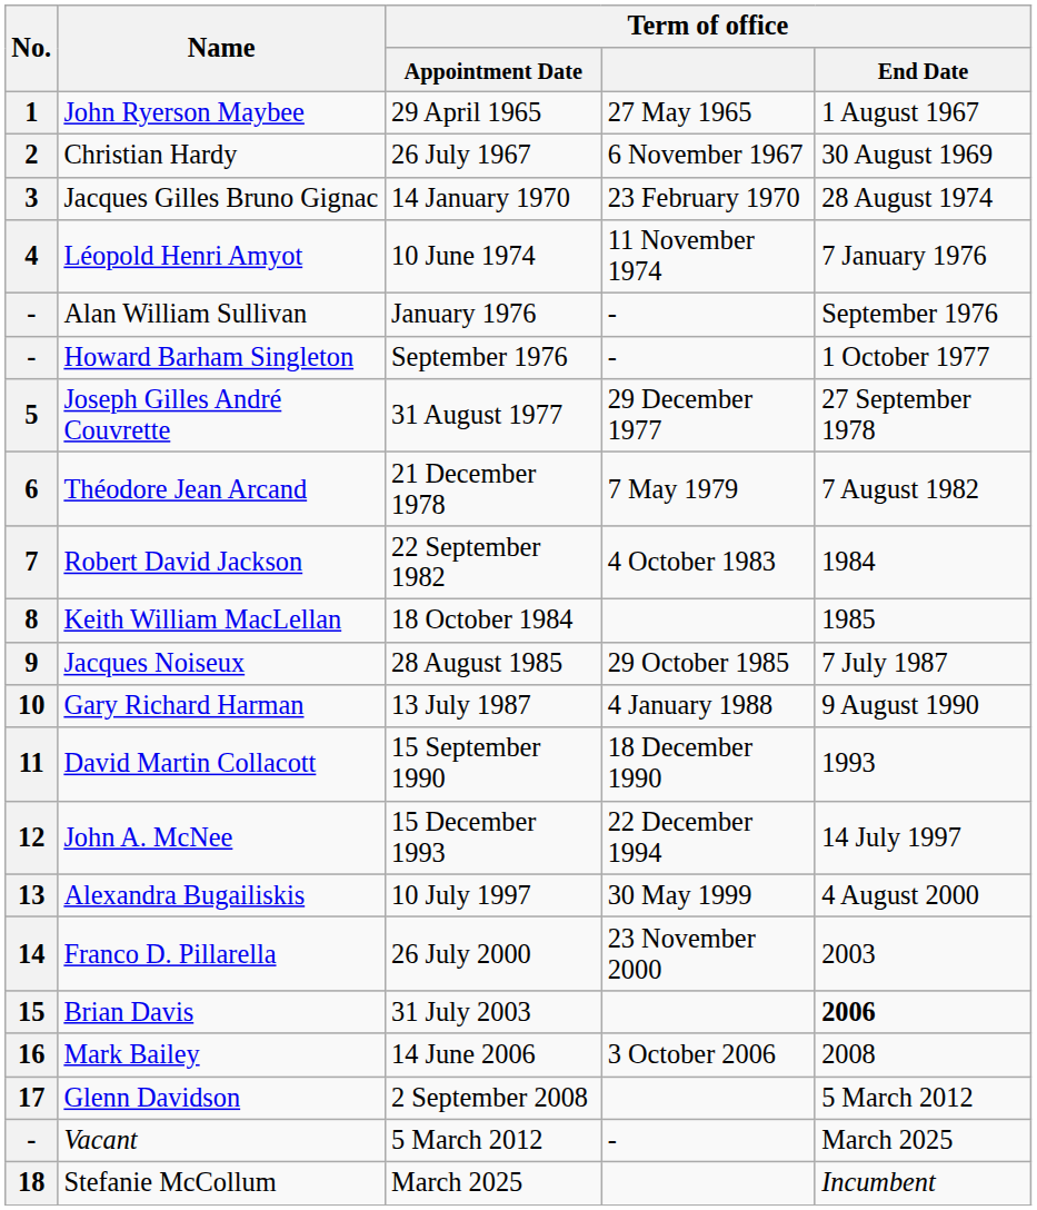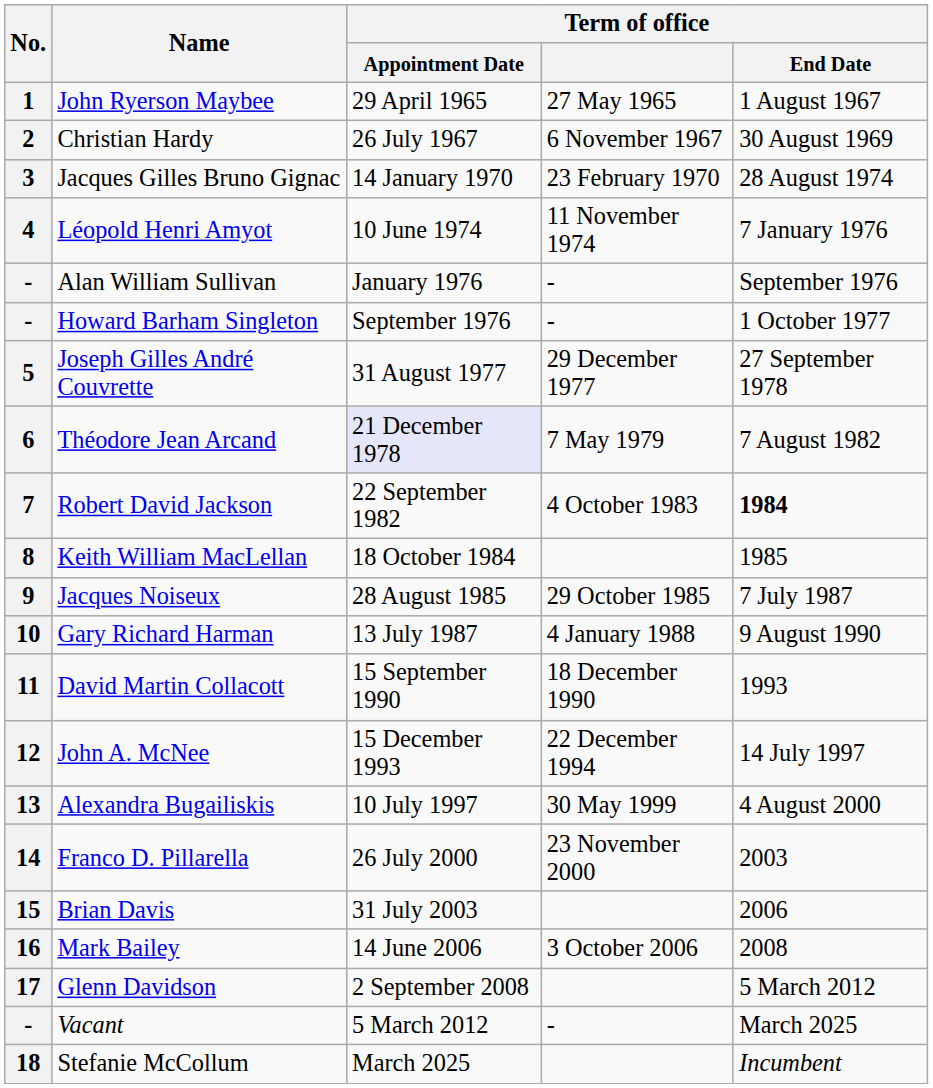 <table class="wikitable">
 <tr>
 <th rowspan="2">No.</th>
 <th rowspan="2">Name</th>
 <th colspan="3">Term of office</th>
 </tr>
 <tr>
 <th><small>Appointment Date</small></th>
 <th><small><a href='#'></a></small></th>
 <th><small>End Date</small></th>
 </tr>
 <tr>
 <th>1</th>
 <td><a href='#'>John Ryerson Maybee</a></td>
 <td>29 April 1965</td>
 <td>27 May 1965</td>
 <td>1 August 1967</td>
 </tr>
 <tr>
 <th>2</th>
 <td>Christian Hardy</td>
 <td>26 July 1967</td>
 <td>6 November 1967</td>
 <td>30 August 1969</td>
 </tr>
 <tr>
 <th>3</th>
 <td>Jacques Gilles Bruno Gignac</td>
 <td>14 January 1970</td>
 <td>23 February 1970</td>
 <td>28 August 1974</td>
 </tr>
 <tr>
 <th>4</th>
 <td><a href='#'>Léopold Henri Amyot</a></td>
 <td>10 June 1974</td>
 <td>11 November 1974</td>
 <td>7 January 1976</td>
 </tr>
 <tr>
 <th>-<br><em></em></th>
 <td>Alan William Sullivan</td>
 <td>January 1976</td>
 <td><em>-</em></td>
 <td>September 1976</td>
 </tr>
 <tr>
 <th>-<br><em></em></th>
 <td><a href='#'>Howard Barham Singleton</a></td>
 <td>September 1976</td>
 <td><em>-</em></td>
 <td>1 October 1977</td>
 </tr>
 <tr>
 <th>5</th>
 <td><a href='#'>Joseph Gilles André Couvrette</a></td>
 <td>31 August 1977</td>
 <td>29 December 1977</td>
 <td>27 September 1978</td>
 </tr>
 <tr>
 <th>6</th>
 <td><a href='#'>Théodore Jean Arcand</a></td>
-<td>21 December 1978</td>
+<td style="background: lavender;">21 December 1978</td>
 <td>7 May 1979</td>
 <td>7 August 1982</td>
 </tr>
 <tr>
 <th>7</th>
 <td><a href='#'>Robert David Jackson</a></td>
 <td>22 September 1982</td>
 <td>4 October 1983</td>
-<td>1984</td>
+<td><strong>1984</strong></td>
 </tr>
 <tr>
 <th>8</th>
 <td><a href='#'>Keith William MacLellan</a></td>
 <td>18 October 1984</td>
 <td></td>
 <td>1985</td>
 </tr>
 <tr>
 <th>9</th>
 <td><a href='#'>Jacques Noiseux</a></td>
 <td>28 August 1985</td>
 <td>29 October 1985</td>
 <td>7 July 1987</td>
 </tr>
 <tr>
 <th>10</th>
 <td><a href='#'>Gary Richard Harman</a></td>
 <td>13 July 1987</td>
 <td>4 January 1988</td>
 <td>9 August 1990</td>
 </tr>
 <tr>
 <th>11</th>
 <td><a href='#'>David Martin Collacott</a></td>
 <td>15 September 1990</td>
 <td>18 December 1990</td>
 <td>1993</td>
 </tr>
 <tr>
 <th>12</th>
 <td><a href='#'>John A. McNee</a></td>
 <td>15 December 1993</td>
 <td>22 December 1994</td>
 <td>14 July 1997</td>
 </tr>
 <tr>
 <th>13</th>
 <td><a href='#'>Alexandra Bugailiskis</a></td>
 <td>10 July 1997</td>
 <td>30 May 1999</td>
 <td>4 August 2000</td>
 </tr>
 <tr>
 <th>14</th>
 <td><a href='#'>Franco D. Pillarella</a></td>
 <td>26 July 2000</td>
 <td>23 November 2000</td>
 <td>2003</td>
 </tr>
 <tr>
 <th>15</th>
 <td><a href='#'>Brian Davis</a></td>
 <td>31 July 2003</td>
 <td></td>
-<td><strong>2006</strong></td>
+<td>2006</td>
 </tr>
 <tr>
 <th>16</th>
 <td><a href='#'>Mark Bailey</a></td>
 <td>14 June 2006</td>
 <td>3 October 2006</td>
 <td>2008</td>
 </tr>
 <tr>
 <th>17</th>
 <td><a href='#'>Glenn Davidson</a></td>
 <td>2 September 2008</td>
 <td></td>
 <td>5 March 2012</td>
 </tr>
 <tr>
 <th>-</th>
 <td><em>Vacant</em></td>
 <td>5 March 2012</td>
 <td><em>-</em></td>
 <td>March 2025</td>
 </tr>
 <tr>
 <th>18</th>
 <td>Stefanie McCollum</td>
 <td>March 2025</td>
 <td></td>
 <td><em>Incumbent</em></td>
 </tr>
 <tr>
 </tr>
 </table>
